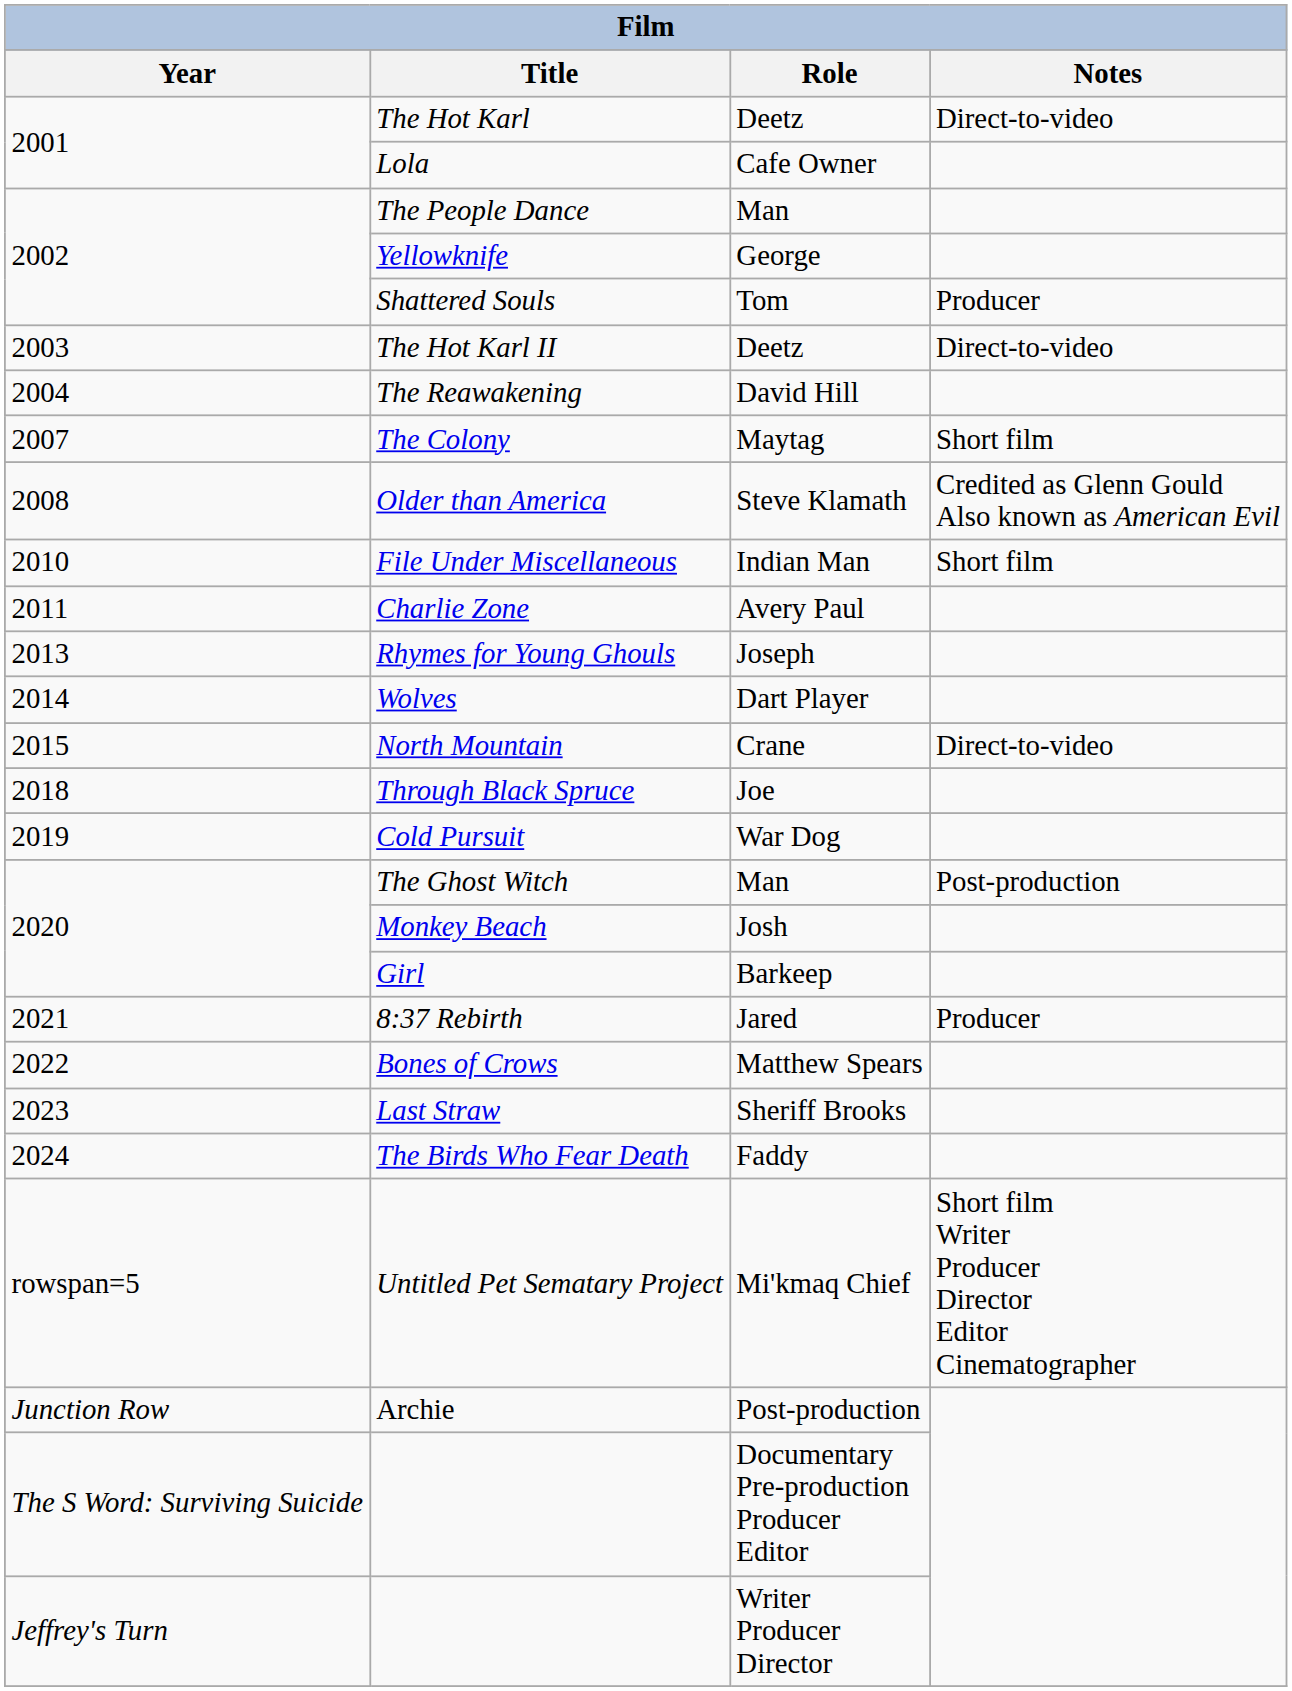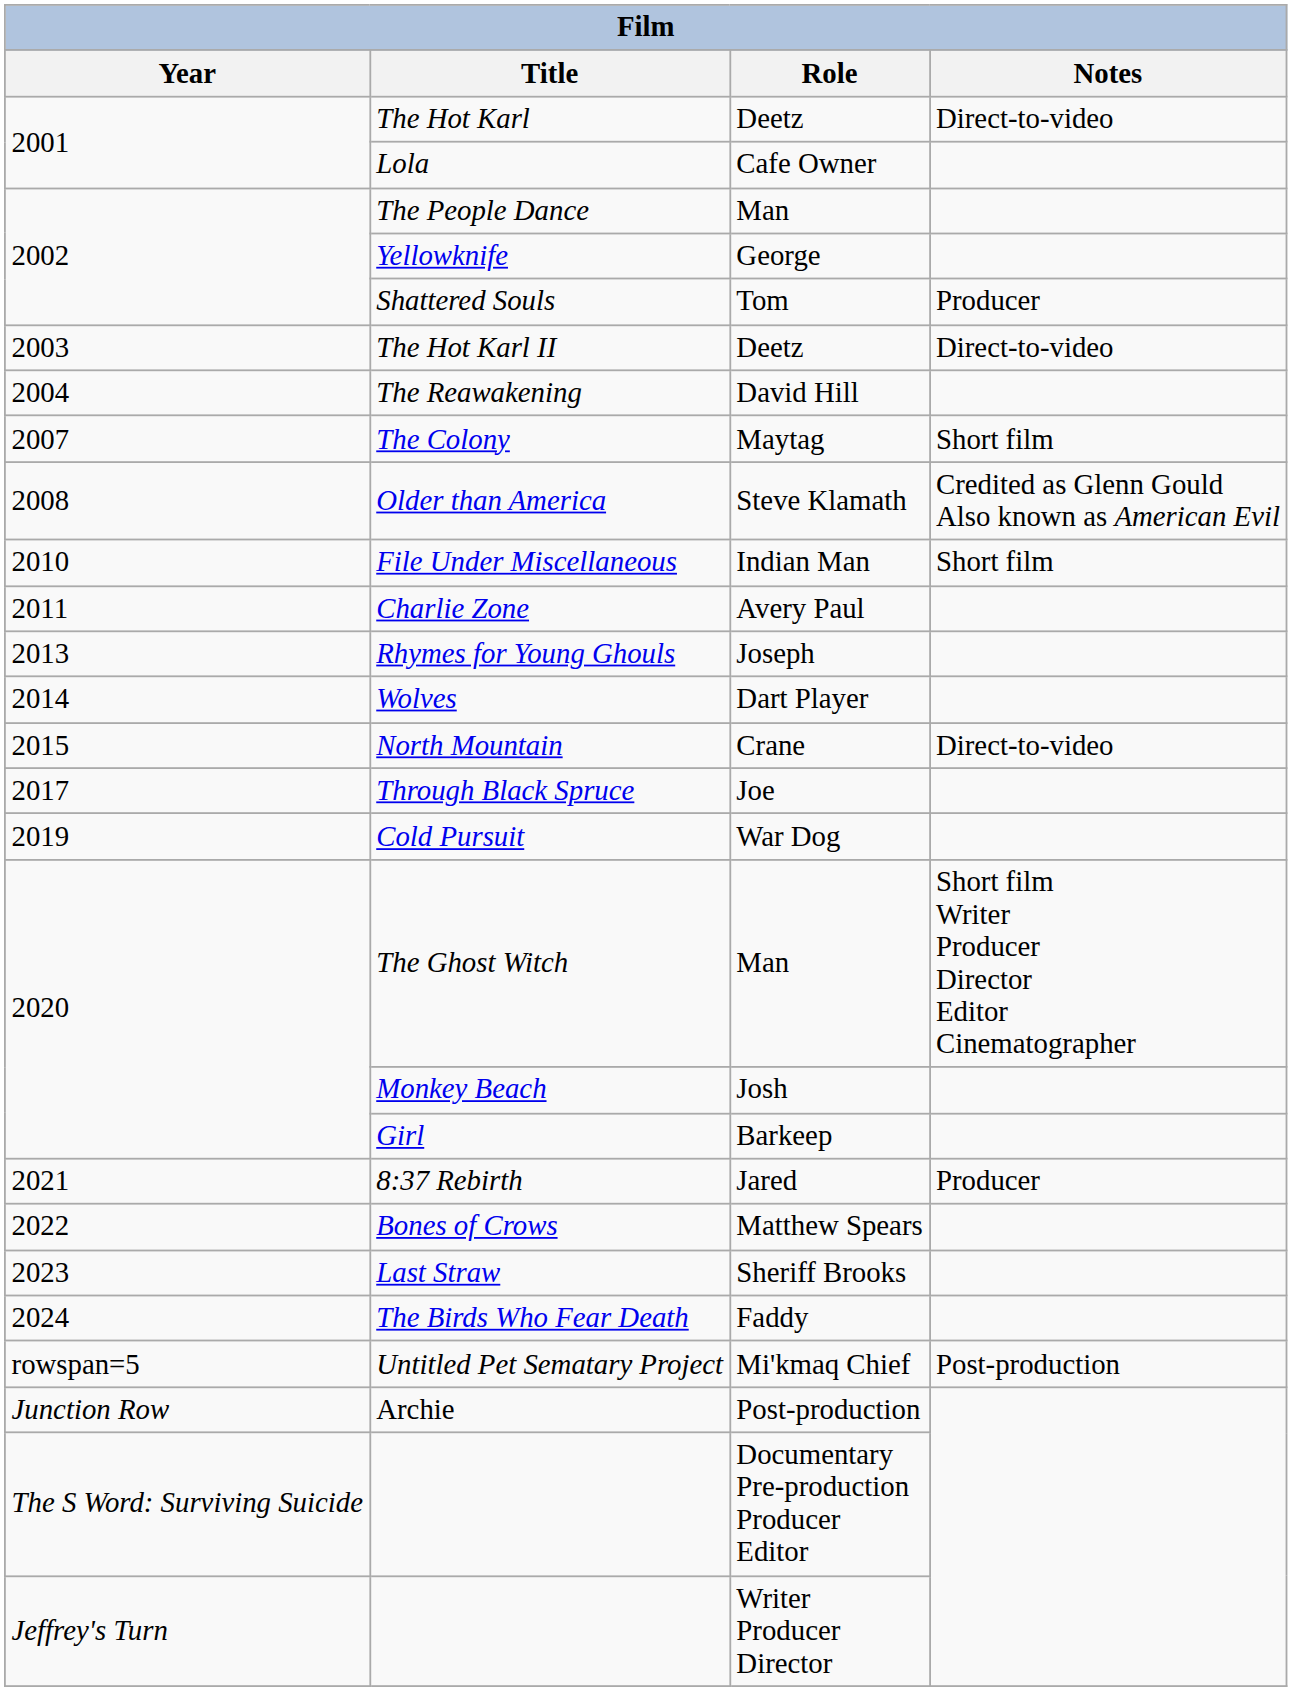 <table class="wikitable sortable">
 <tr>
 <th colspan=4 style="background:#B0C4DE;">Film</th>
 </tr>
 <tr>
 <th>Year</th>
 <th>Title</th>
 <th>Role</th>
 <th class="unsortable">Notes</th>
 </tr>
 <tr>
 <td rowspan=2>2001</td>
 <td data-sort-value="Hot Karl I, The"><em>The Hot Karl</em></td>
 <td>Deetz</td>
 <td>Direct-to-video</td>
 </tr>
 <tr>
 <td><em>Lola</em></td>
 <td>Cafe Owner</td>
 <td></td>
 </tr>
 <tr>
 <td rowspan=3>2002</td>
 <td data-sort-value="People Dance, The"><em>The People Dance</em></td>
 <td>Man</td>
 <td></td>
 </tr>
 <tr>
 <td><em><a href='#'>Yellowknife</a></em></td>
 <td>George</td>
 <td></td>
 </tr>
 <tr>
 <td><em>Shattered Souls</em></td>
 <td>Tom</td>
 <td>Producer</td>
 </tr>
 <tr>
 <td>2003</td>
 <td data-sort-value="Hot Karl II, The"><em>The Hot Karl II</em></td>
 <td>Deetz</td>
 <td>Direct-to-video</td>
 </tr>
 <tr>
 <td>2004</td>
 <td data-sort-value="Reawakening, The"><em>The Reawakening</em></td>
 <td>David Hill</td>
 </tr>
 <tr>
 <td>2007</td>
 <td data-sort-value="Colony, The"><em><a href='#'>The Colony</a></em></td>
 <td>Maytag</td>
 <td>Short film</td>
 </tr>
 <tr>
 <td>2008</td>
 <td><em><a href='#'>Older than America</a></em></td>
 <td>Steve Klamath</td>
 <td>Credited as Glenn Gould<br> Also known as <em>American Evil</em></td>
 </tr>
 <tr>
 <td>2010</td>
 <td><em><a href='#'>File Under Miscellaneous</a></em></td>
 <td>Indian Man</td>
 <td>Short film</td>
 </tr>
 <tr>
 <td>2011</td>
 <td><em><a href='#'>Charlie Zone</a></em></td>
 <td>Avery Paul</td>
 <td></td>
 </tr>
 <tr>
 <td>2013</td>
 <td><em><a href='#'>Rhymes for Young Ghouls</a></em></td>
 <td>Joseph</td>
 <td></td>
 </tr>
 <tr>
 <td>2014</td>
 <td><em><a href='#'>Wolves</a></em></td>
 <td>Dart Player</td>
 <td></td>
 </tr>
 <tr>
 <td>2015</td>
 <td><em><a href='#'>North Mountain</a></em></td>
 <td>Crane</td>
 <td>Direct-to-video</td>
 </tr>
 <tr>
-<td>2018</td>
+<td>2017</td>
 <td><em><a href='#'>Through Black Spruce</a></em></td>
 <td>Joe</td>
 <td></td>
 </tr>
 <tr>
 <td>2019</td>
 <td><em><a href='#'>Cold Pursuit</a></em></td>
 <td>War Dog</td>
 <td></td>
 </tr>
 <tr>
 <td rowspan=3>2020</td>
 <td data-sort-value="Ghost Witch, The"><em>The Ghost Witch</em></td>
 <td>Man</td>
-<td>Post-production</td>
+<td>Short film<br> Writer<br> Producer<br> Director<br> Editor<br> Cinematographer</td>
 </tr>
 <tr>
 <td><em><a href='#'>Monkey Beach</a></em></td>
 <td>Josh</td>
 <td></td>
 </tr>
 <tr>
 <td><em><a href='#'>Girl</a></em></td>
 <td>Barkeep</td>
 <td></td>
 </tr>
 <tr>
 <td>2021</td>
 <td><em>8:37 Rebirth</em></td>
 <td>Jared</td>
 <td>Producer</td>
 </tr>
 <tr>
 <td>2022</td>
 <td><em><a href='#'>Bones of Crows</a></em></td>
 <td>Matthew Spears</td>
 <td></td>
 </tr>
 <tr>
 <td>2023</td>
 <td><em><a href='#'>Last Straw</a></em></td>
 <td>Sheriff Brooks</td>
 <td></td>
 </tr>
 <tr>
 <td>2024</td>
 <td data-sort-value="Birds Who Fear Death, The"><em><a href='#'>The Birds Who Fear Death</a></em></td>
 <td>Faddy</td>
 <td></td>
 </tr>
 <tr>
 <td>rowspan=5 </td>
 <td><em>Untitled Pet Sematary Project</em></td>
 <td>Mi'kmaq Chief</td>
-<td>Short film<br> Writer<br> Producer<br> Director<br> Editor<br> Cinematographer</td>
+<td>Post-production</td>
 </tr>
 <tr>
 <td><em>Junction Row</em></td>
 <td>Archie</td>
 <td>Post-production</td>
 </tr>
 <tr>
 <td data-sort-value="S Word: Surviving Suicide, The"><em>The S Word: Surviving Suicide</em></td>
 <td></td>
 <td>Documentary<br> Pre-production<br> Producer<br> Editor</td>
 </tr>
 <tr>
 <td><em>Jeffrey's Turn</em></td>
 <td></td>
 <td>Writer<br> Producer<br> Director</td>
 </tr>
 </table>
